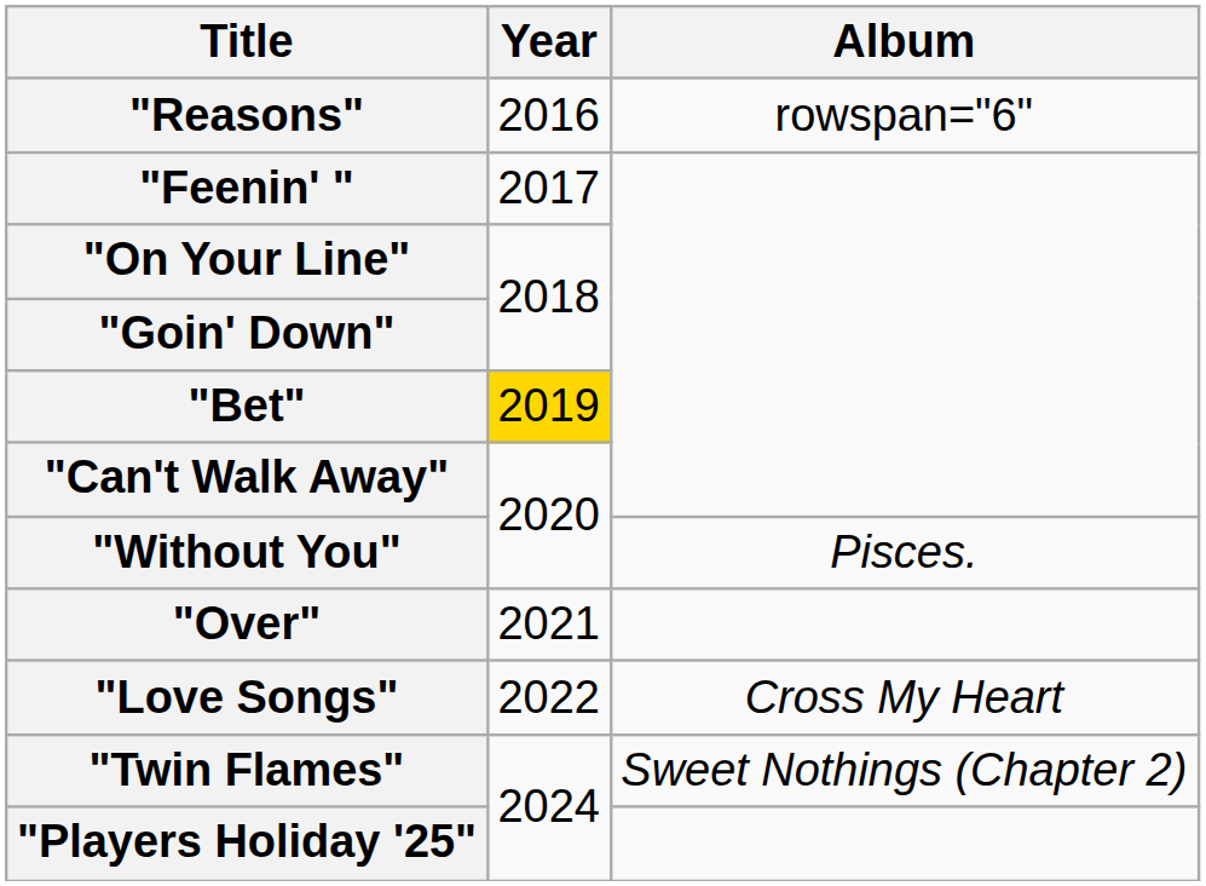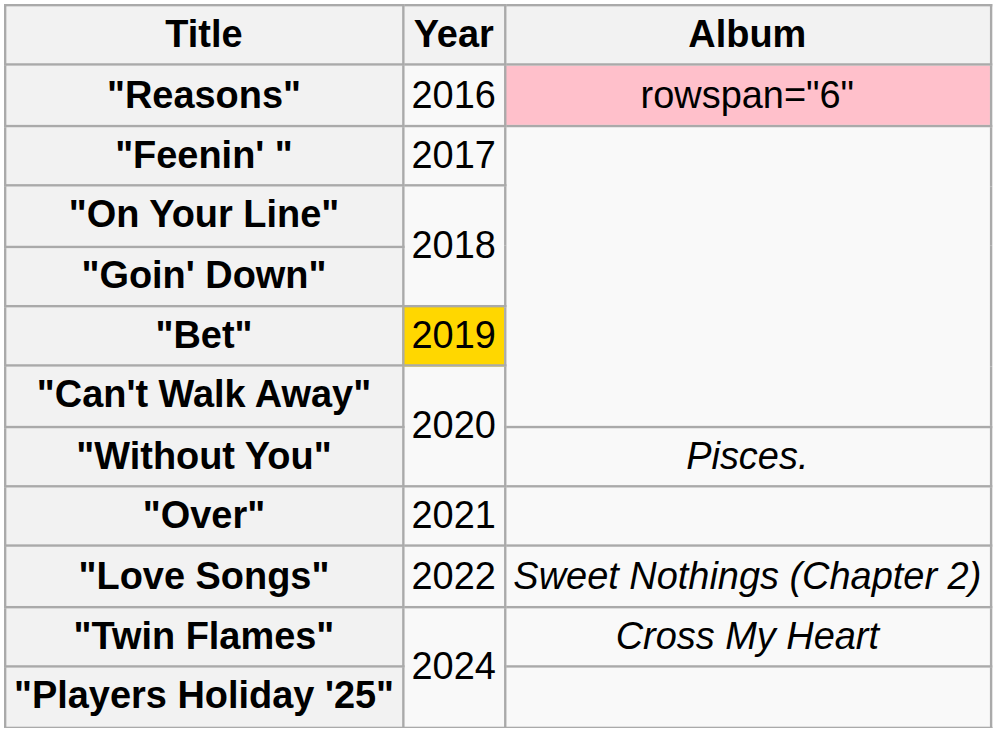 <table class="wikitable plainrowheaders" style="text-align:center;">
 <tr>
 <th scope="col">Title</th>
 <th scope="col">Year</th>
 <th scope="col">Album</th>
 </tr>
 <tr>
 <th scope="row">"Reasons"<br></th>
 <td>2016</td>
-<td>rowspan="6" </td>
+<td style="background: pink;">rowspan="6" </td>
 </tr>
 <tr>
 <th scope="row">"Feenin' "<br></th>
 <td>2017</td>
 </tr>
 <tr>
 <th scope="row">"On Your Line"<br></th>
 <td rowspan="2">2018</td>
 </tr>
 <tr>
 <th scope="row">"Goin' Down"<br></th>
 </tr>
 <tr>
 <th scope="row">"Bet"<br></th>
 <td style="background: gold;">2019</td>
 </tr>
 <tr>
 <th scope="row">"Can't Walk Away"<br></th>
 <td rowspan="2">2020</td>
 </tr>
 <tr>
 <th scope="row">"Without You"<br></th>
 <td><em>Pisces.</em></td>
 </tr>
 <tr>
 <th scope="row">"Over"<br></th>
 <td>2021</td>
 <td></td>
 </tr>
 <tr>
 <th scope="row">"Love Songs"<br></th>
 <td>2022</td>
-<td><em>Cross My Heart</em></td>
+<td><em>Sweet Nothings (Chapter 2)</em></td>
 </tr>
 <tr>
 <th scope="row">"Twin Flames"<br></th>
 <td rowspan="2">2024</td>
-<td><em>Sweet Nothings (Chapter 2)</em></td>
+<td><em>Cross My Heart</em></td>
 </tr>
 <tr>
 <th scope="row">"Players Holiday '25"<br></th>
 <td></td>
 </tr>
 <tr>
 </tr>
 </table>
